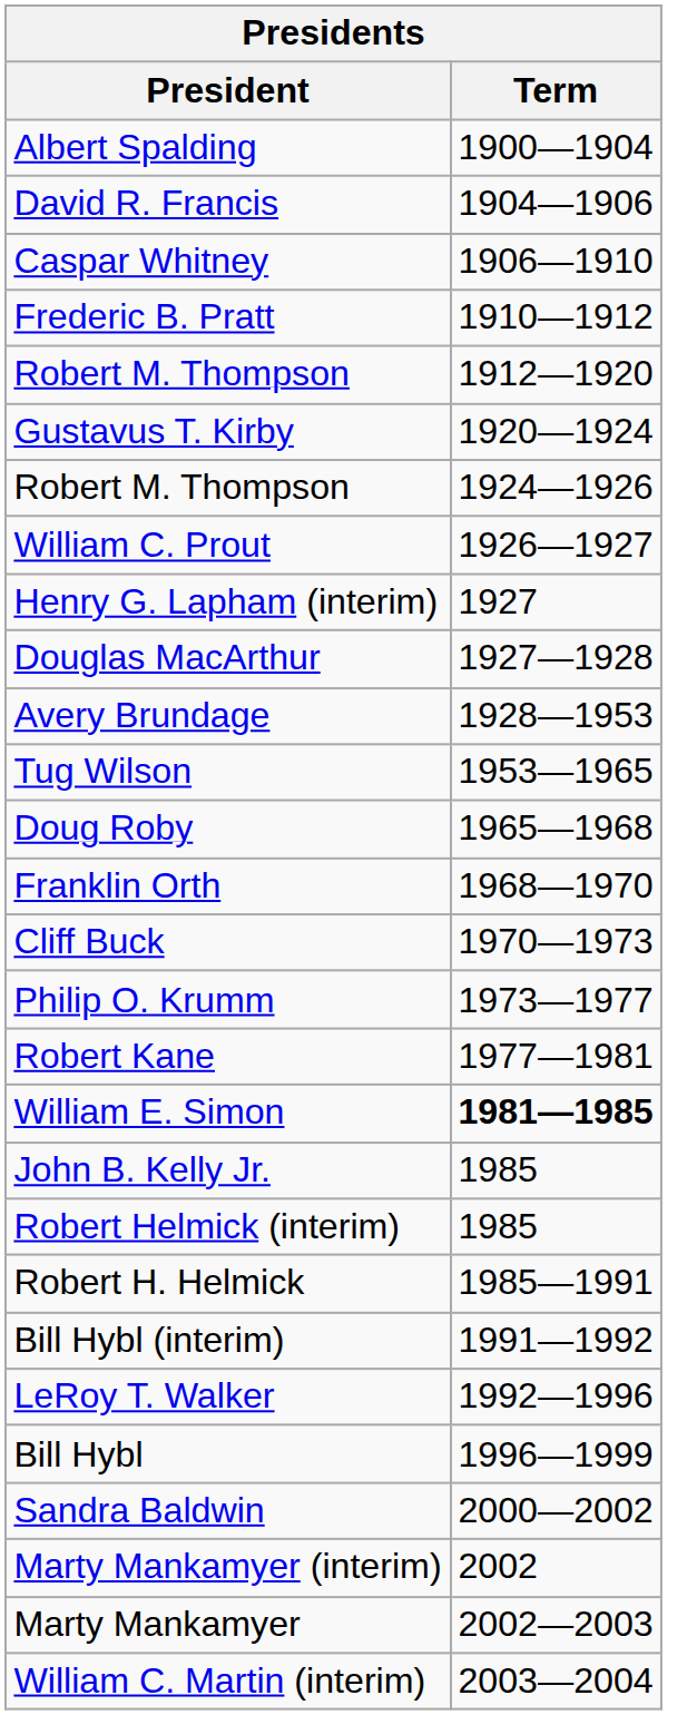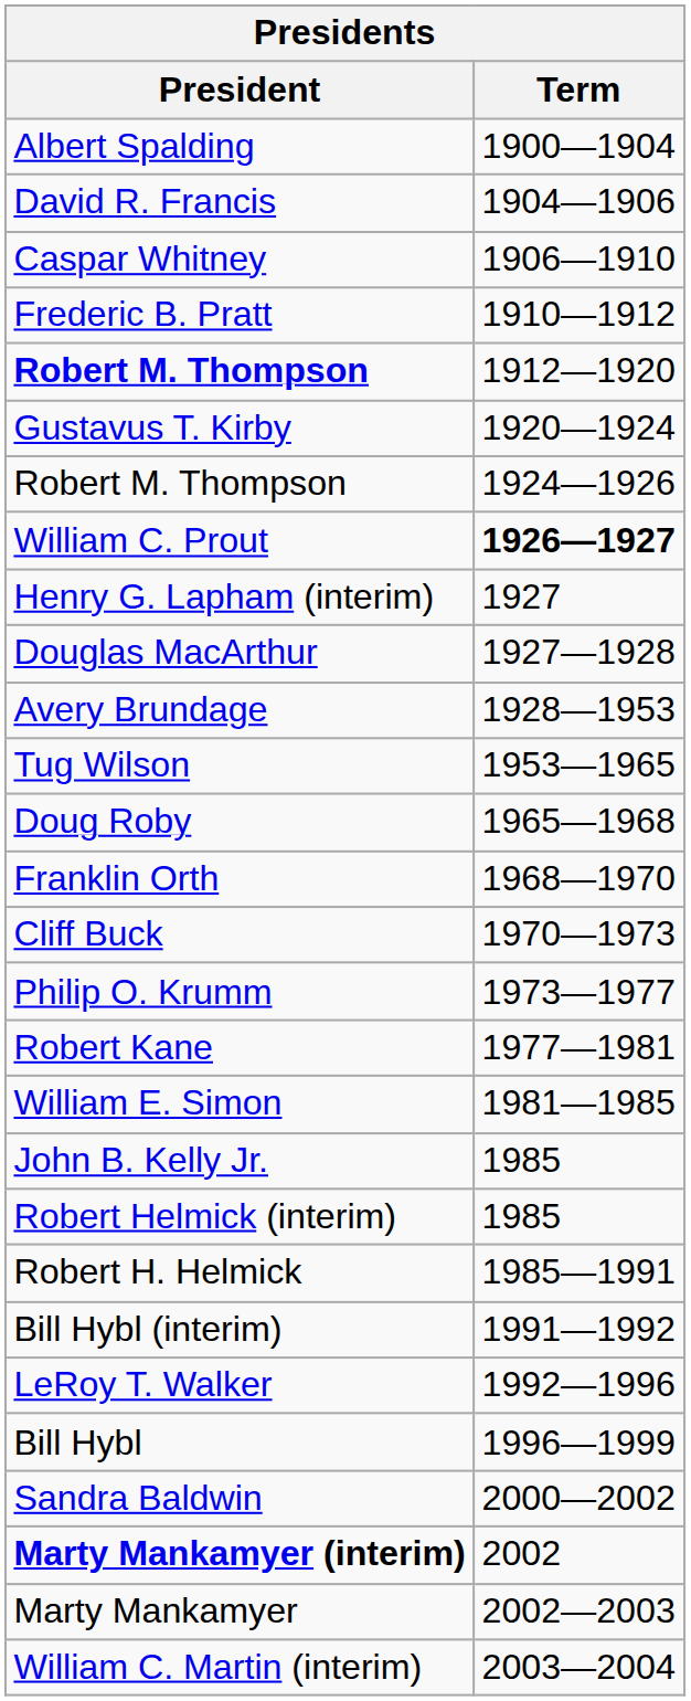 <table class="wikitable collapsible collapsed">
 <tr>
 <th colspan="3">Presidents</th>
 </tr>
 <tr>
 <th>President</th>
 <th>Term</th>
 </tr>
 <tr>
 <td><a href='#'>Albert Spalding</a></td>
 <td>1900—1904</td>
 </tr>
 <tr>
 <td><a href='#'>David R. Francis</a></td>
 <td>1904—1906</td>
 </tr>
 <tr>
 <td><a href='#'>Caspar Whitney</a></td>
 <td>1906—1910</td>
 </tr>
 <tr>
 <td><a href='#'>Frederic B. Pratt</a></td>
 <td>1910—1912</td>
 </tr>
 <tr>
-<td><a href='#'>Robert M. Thompson</a></td>
+<td><strong><a href='#'>Robert M. Thompson</a></strong></td>
 <td>1912—1920</td>
 </tr>
 <tr>
 <td><a href='#'>Gustavus T. Kirby</a></td>
 <td>1920—1924</td>
 </tr>
 <tr>
 <td>Robert M. Thompson</td>
 <td>1924—1926</td>
 </tr>
 <tr>
 <td><a href='#'>William C. Prout</a></td>
-<td>1926—1927</td>
+<td><strong>1926—1927</strong></td>
 </tr>
 <tr>
 <td><a href='#'>Henry G. Lapham</a> (interim)</td>
 <td>1927</td>
 </tr>
 <tr>
 <td><a href='#'>Douglas MacArthur</a></td>
 <td>1927—1928</td>
 </tr>
 <tr>
 <td><a href='#'>Avery Brundage</a></td>
 <td>1928—1953</td>
 </tr>
 <tr>
 <td><a href='#'>Tug Wilson</a></td>
 <td>1953—1965</td>
 </tr>
 <tr>
 <td><a href='#'>Doug Roby</a></td>
 <td>1965—1968</td>
 </tr>
 <tr>
 <td><a href='#'>Franklin Orth</a></td>
 <td>1968—1970</td>
 </tr>
 <tr>
 <td><a href='#'>Cliff Buck</a></td>
 <td>1970—1973</td>
 </tr>
 <tr>
 <td><a href='#'>Philip O. Krumm</a></td>
 <td>1973—1977</td>
 </tr>
 <tr>
 <td><a href='#'>Robert Kane</a></td>
 <td>1977—1981</td>
 </tr>
 <tr>
 <td><a href='#'>William E. Simon</a></td>
-<td><strong>1981—1985</strong></td>
+<td>1981—1985</td>
 </tr>
 <tr>
 <td><a href='#'>John B. Kelly Jr.</a></td>
 <td>1985</td>
 </tr>
 <tr>
 <td><a href='#'>Robert Helmick</a> (interim)</td>
 <td>1985</td>
 </tr>
 <tr>
 <td>Robert H. Helmick</td>
 <td>1985—1991</td>
 </tr>
 <tr>
 <td>Bill Hybl (interim)</td>
 <td>1991—1992</td>
 </tr>
 <tr>
 <td><a href='#'>LeRoy T. Walker</a></td>
 <td>1992—1996</td>
 </tr>
 <tr>
 <td>Bill Hybl</td>
 <td>1996—1999</td>
 </tr>
 <tr>
 <td><a href='#'>Sandra Baldwin</a></td>
 <td>2000—2002</td>
 </tr>
 <tr>
-<td><a href='#'>Marty Mankamyer</a> (interim)</td>
+<td><strong><a href='#'>Marty Mankamyer</a> (interim)</strong></td>
 <td>2002</td>
 </tr>
 <tr>
 <td>Marty Mankamyer</td>
 <td>2002—2003</td>
 </tr>
 <tr>
 <td><a href='#'>William C. Martin</a> (interim)</td>
 <td>2003—2004</td>
 </tr>
 </table>
